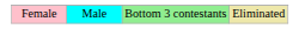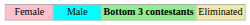 <table class="wikitable" style="margin:1em auto; text-align:center;">
 <tr>
 </tr>
 <tr>
 <td style="background:pink;" width="20%">Female</td>
 <td style="background:cyan;" width="20%">Male</td>
-<td style="background:lightgreen;">Bottom 3 contestants</td>
+<td style="background:lightgreen;"><strong>Bottom 3 contestants</strong></td>
 <td style="background:Palegoldenrod;">Eliminated</td>
 </tr>
 </table>
